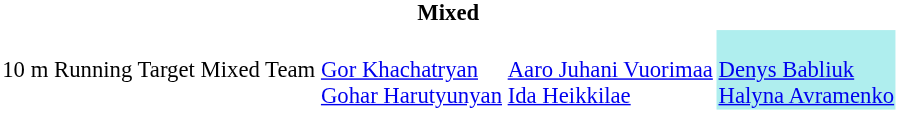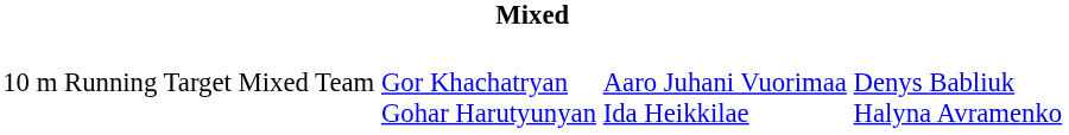 <table>
 <tr>
 <th colspan=4>Mixed</th>
 </tr>
 <tr>
 <td>10 m Running Target Mixed Team</td>
 <td><br><a href='#'>Gor Khachatryan</a><br><a href='#'>Gohar Harutyunyan</a></td>
 <td><br><a href='#'>Aaro Juhani Vuorimaa</a><br><a href='#'>Ida Heikkilae</a></td>
-<td style="background: paleturquoise;"><br><a href='#'>Denys Babliuk</a><br><a href='#'>Halyna Avramenko</a></td>
+<td><br><a href='#'>Denys Babliuk</a><br><a href='#'>Halyna Avramenko</a></td>
 </tr>
 </table>
